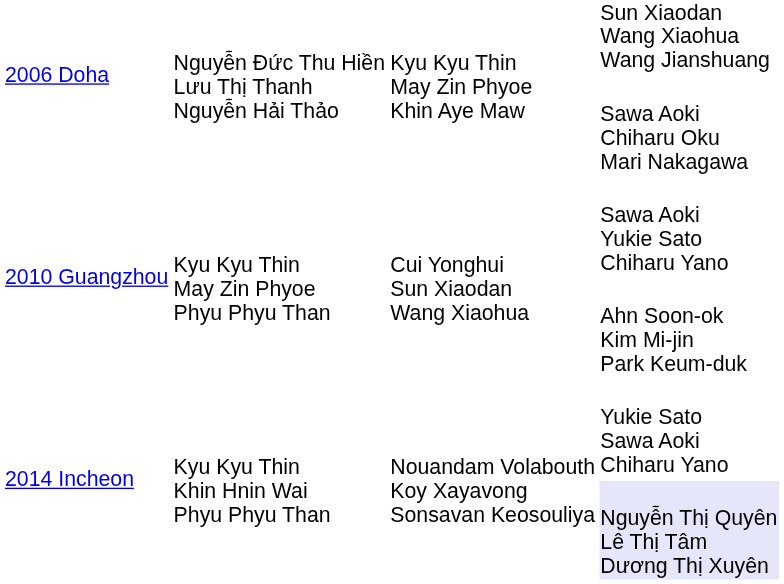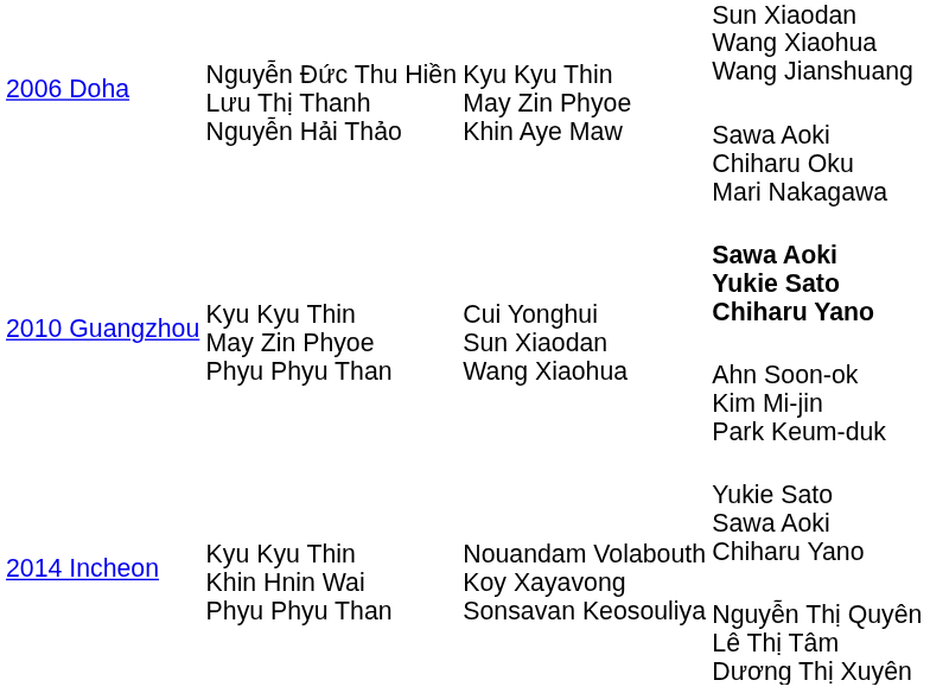 <table>
 <tr>
 <td rowspan=2><a href='#'>2006 Doha</a></td>
 <td rowspan=2><br>Nguyễn Đức Thu Hiền<br>Lưu Thị Thanh<br>Nguyễn Hải Thảo</td>
 <td rowspan=2><br>Kyu Kyu Thin<br>May Zin Phyoe<br>Khin Aye Maw</td>
 <td><br>Sun Xiaodan<br>Wang Xiaohua<br>Wang Jianshuang</td>
 </tr>
 <tr>
 <td><br>Sawa Aoki<br>Chiharu Oku<br>Mari Nakagawa</td>
 </tr>
 <tr>
 <td rowspan=2><a href='#'>2010 Guangzhou</a></td>
 <td rowspan=2><br>Kyu Kyu Thin<br>May Zin Phyoe<br>Phyu Phyu Than</td>
 <td rowspan=2><br>Cui Yonghui<br>Sun Xiaodan<br>Wang Xiaohua</td>
-<td><br>Sawa Aoki<br>Yukie Sato<br>Chiharu Yano</td>
+<td><strong><br>Sawa Aoki<br>Yukie Sato<br>Chiharu Yano</strong></td>
 </tr>
 <tr>
 <td><br>Ahn Soon-ok<br>Kim Mi-jin<br>Park Keum-duk</td>
 </tr>
 <tr>
 <td rowspan=2><a href='#'>2014 Incheon</a></td>
 <td rowspan=2><br>Kyu Kyu Thin<br>Khin Hnin Wai<br>Phyu Phyu Than</td>
 <td rowspan=2><br>Nouandam Volabouth<br>Koy Xayavong<br>Sonsavan Keosouliya</td>
 <td><br>Yukie Sato<br>Sawa Aoki<br>Chiharu Yano</td>
 </tr>
 <tr>
-<td style="background: lavender;"><br>Nguyễn Thị Quyên<br>Lê Thị Tâm<br>Dương Thị Xuyên</td>
+<td><br>Nguyễn Thị Quyên<br>Lê Thị Tâm<br>Dương Thị Xuyên</td>
 </tr>
 </table>
